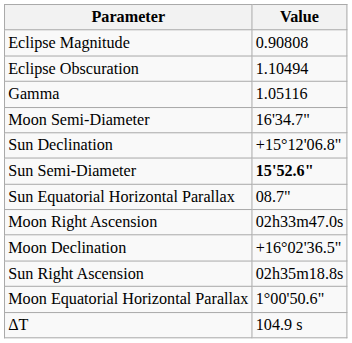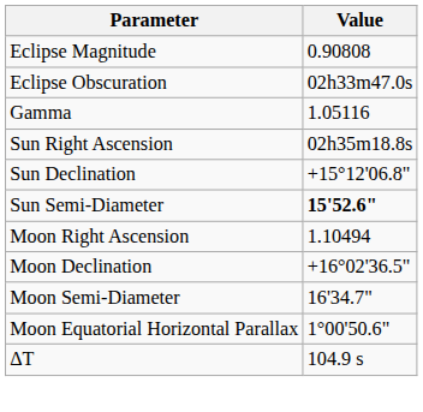 <table class="wikitable">
 <tr>
 <th>Parameter</th>
 <th>Value</th>
 </tr>
 <tr>
 <td>Eclipse Magnitude</td>
 <td>0.90808</td>
 </tr>
 <tr>
 <td>Eclipse Obscuration</td>
-<td>1.10494</td>
+<td>02h33m47.0s</td>
 </tr>
 <tr>
 <td>Gamma</td>
 <td>1.05116</td>
 </tr>
 <tr>
-<td>Moon Semi-Diameter</td>
-<td>16'34.7"</td>
+<td>Sun Right Ascension</td>
+<td>02h35m18.8s</td>
 </tr>
 <tr>
 <td>Sun Declination</td>
 <td>+15°12'06.8"</td>
 </tr>
 <tr>
 <td>Sun Semi-Diameter</td>
 <td><strong>15'52.6"</strong></td>
 </tr>
 <tr>
-<td>Sun Equatorial Horizontal Parallax</td>
-<td>08.7"</td>
-</tr>
-<tr>
 <td>Moon Right Ascension</td>
-<td>02h33m47.0s</td>
+<td>1.10494</td>
 </tr>
 <tr>
 <td>Moon Declination</td>
 <td>+16°02'36.5"</td>
 </tr>
 <tr>
-<td>Sun Right Ascension</td>
-<td>02h35m18.8s</td>
+<td>Moon Semi-Diameter</td>
+<td>16'34.7"</td>
 </tr>
 <tr>
 <td>Moon Equatorial Horizontal Parallax</td>
 <td>1°00'50.6"</td>
 </tr>
 <tr>
 <td>ΔT</td>
 <td>104.9 s</td>
 </tr>
 </table>
